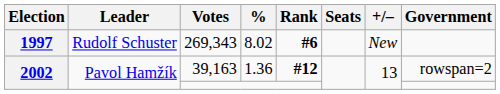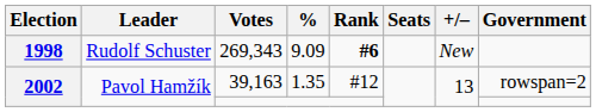 <table class=wikitable style=text-align:right>
 <tr>
 <th>Election</th>
 <th>Leader</th>
 <th>Votes</th>
 <th>%</th>
 <th>Rank</th>
 <th>Seats</th>
 <th>+/–</th>
 <th>Government</th>
 </tr>
 <tr>
-<th><a href='#'>1997</a></th>
+<th><a href='#'>1998</a></th>
 <td><a href='#'>Rudolf Schuster</a></td>
 <td>269,343</td>
-<td>8.02</td>
+<td>9.09</td>
 <td><strong>#6</strong></td>
 <td></td>
 <td><em>New</em></td>
 <td></td>
 </tr>
 <tr>
 <th rowspan=2><a href='#'>2002</a></th>
 <td rowspan=2><a href='#'>Pavol Hamžík</a></td>
 <td>39,163</td>
-<td>1.36</td>
-<td><strong>#12</strong></td>
+<td>1.35</td>
+<td>#12</td>
 <td rowspan=2></td>
 <td rowspan=2> 13</td>
 <td>rowspan=2 </td>
 </tr>
 <tr>
 <td colspan=3></td>
 </tr>
 </table>
